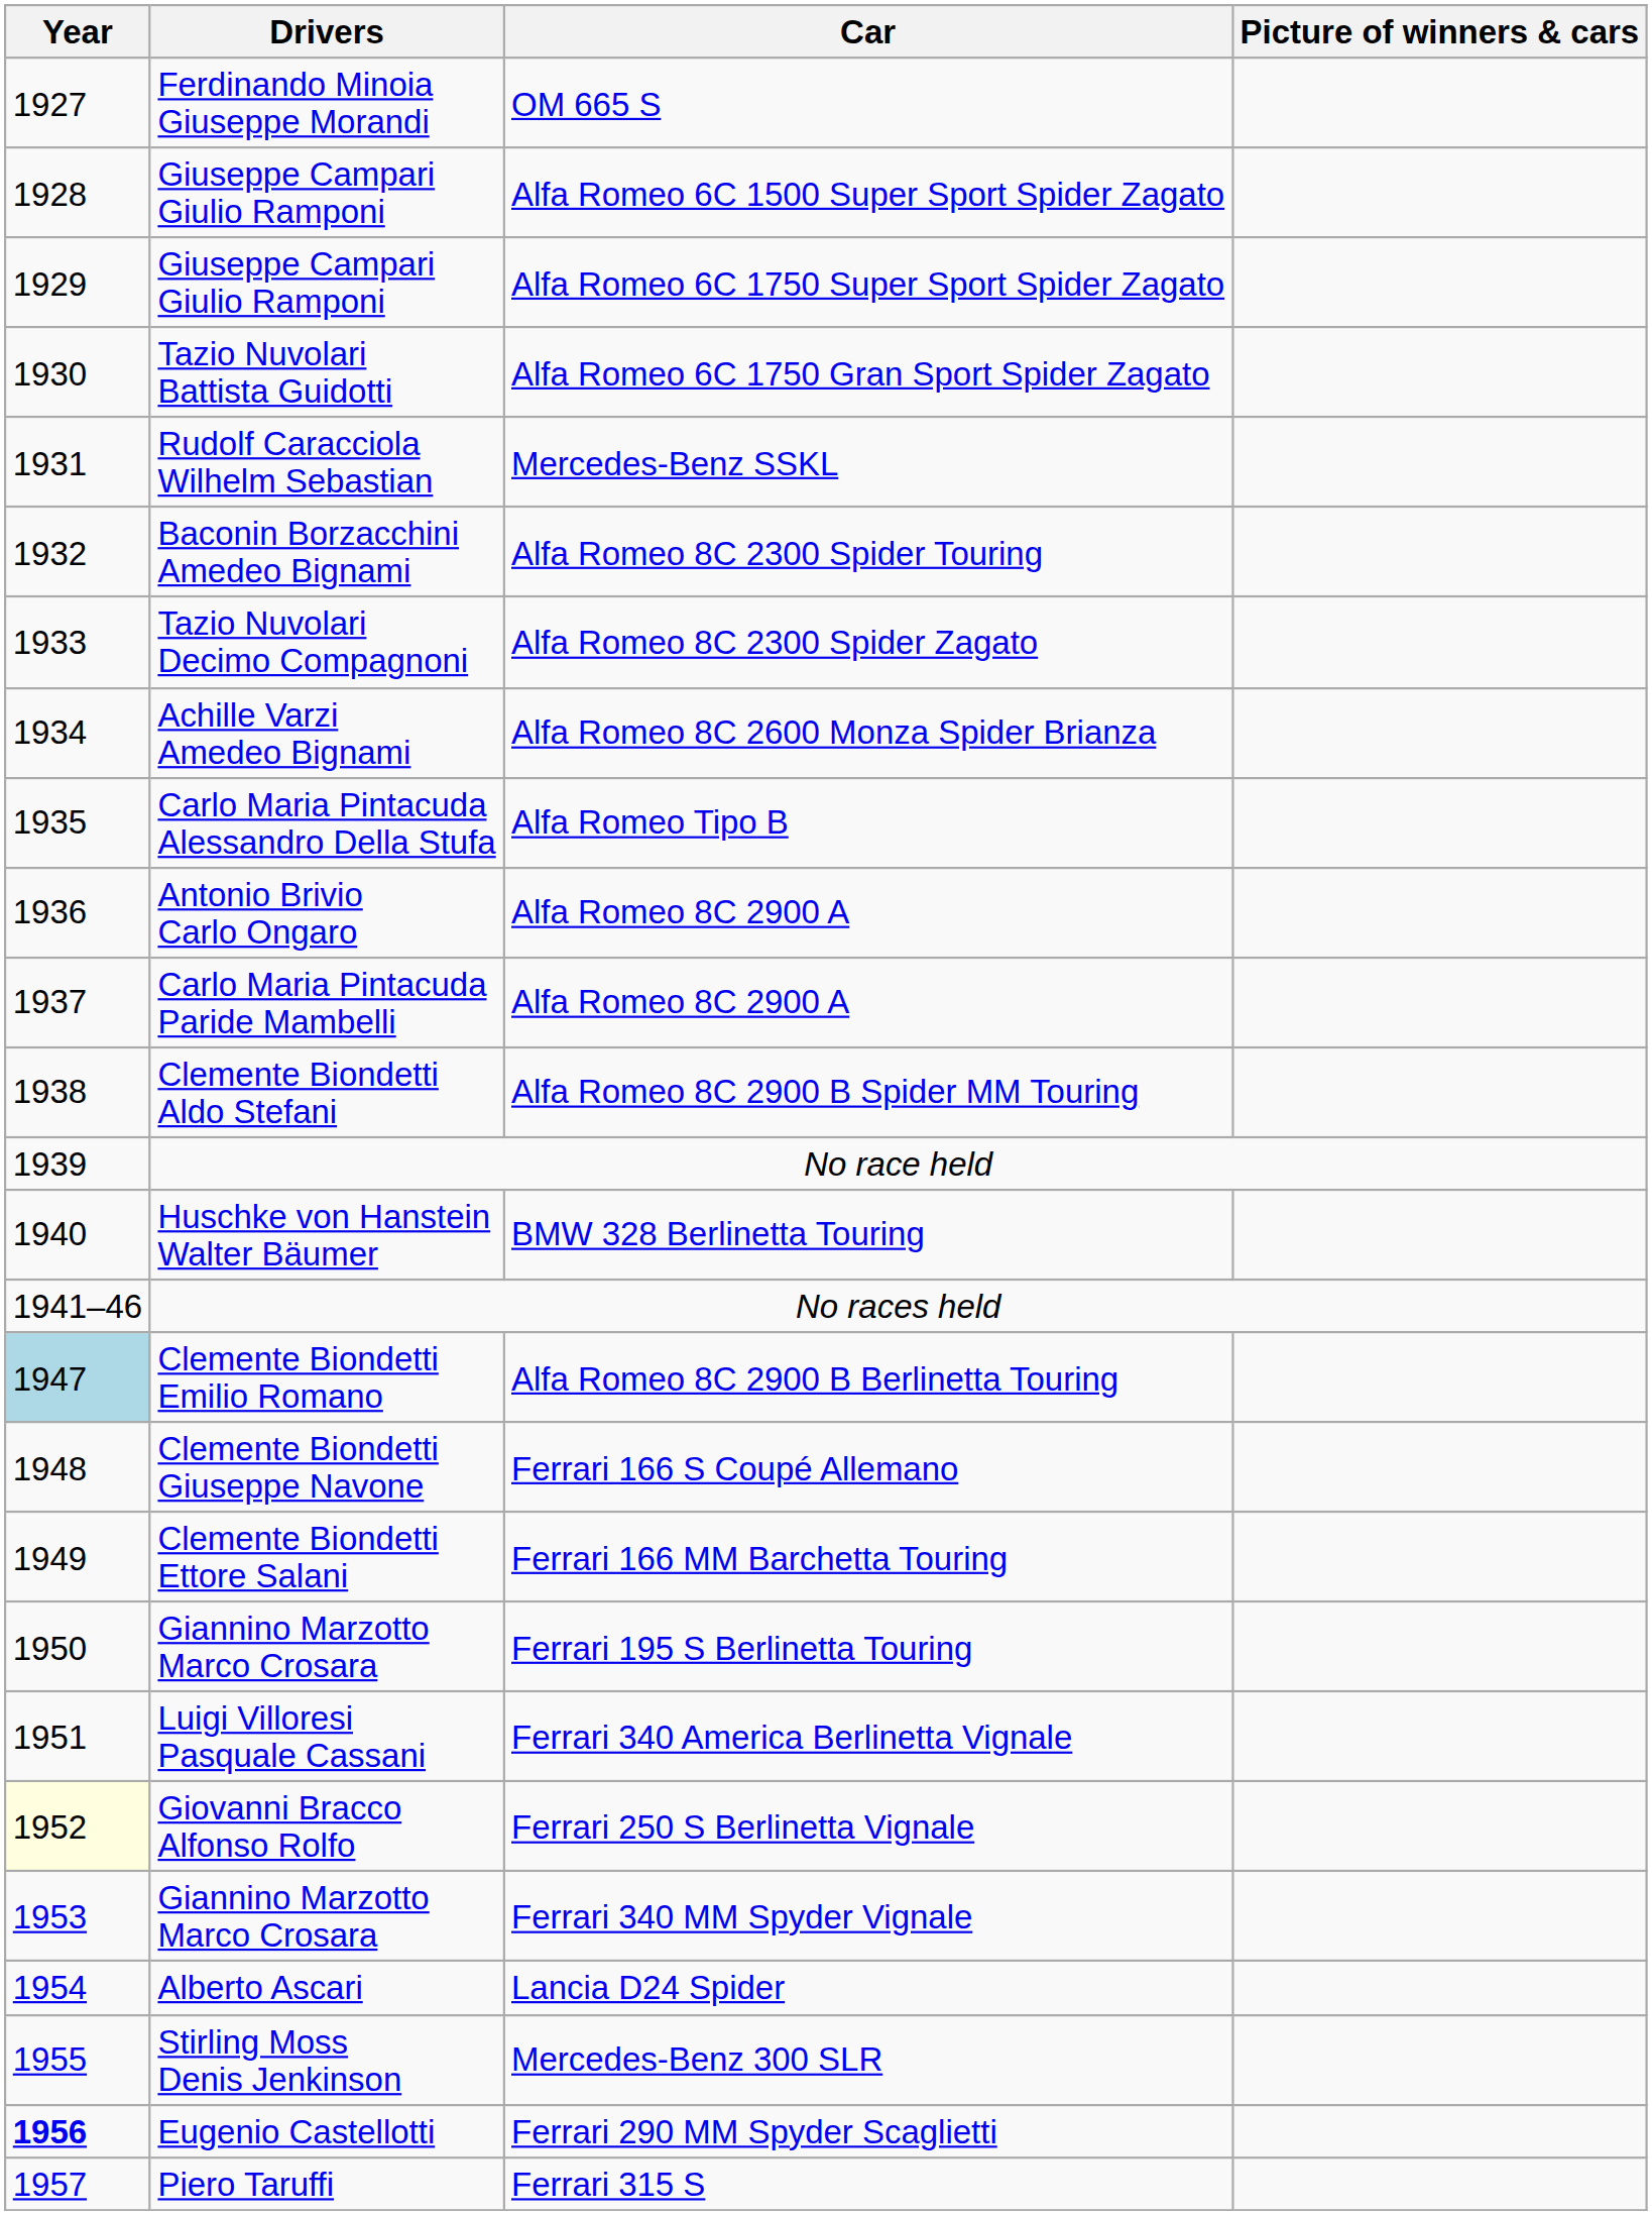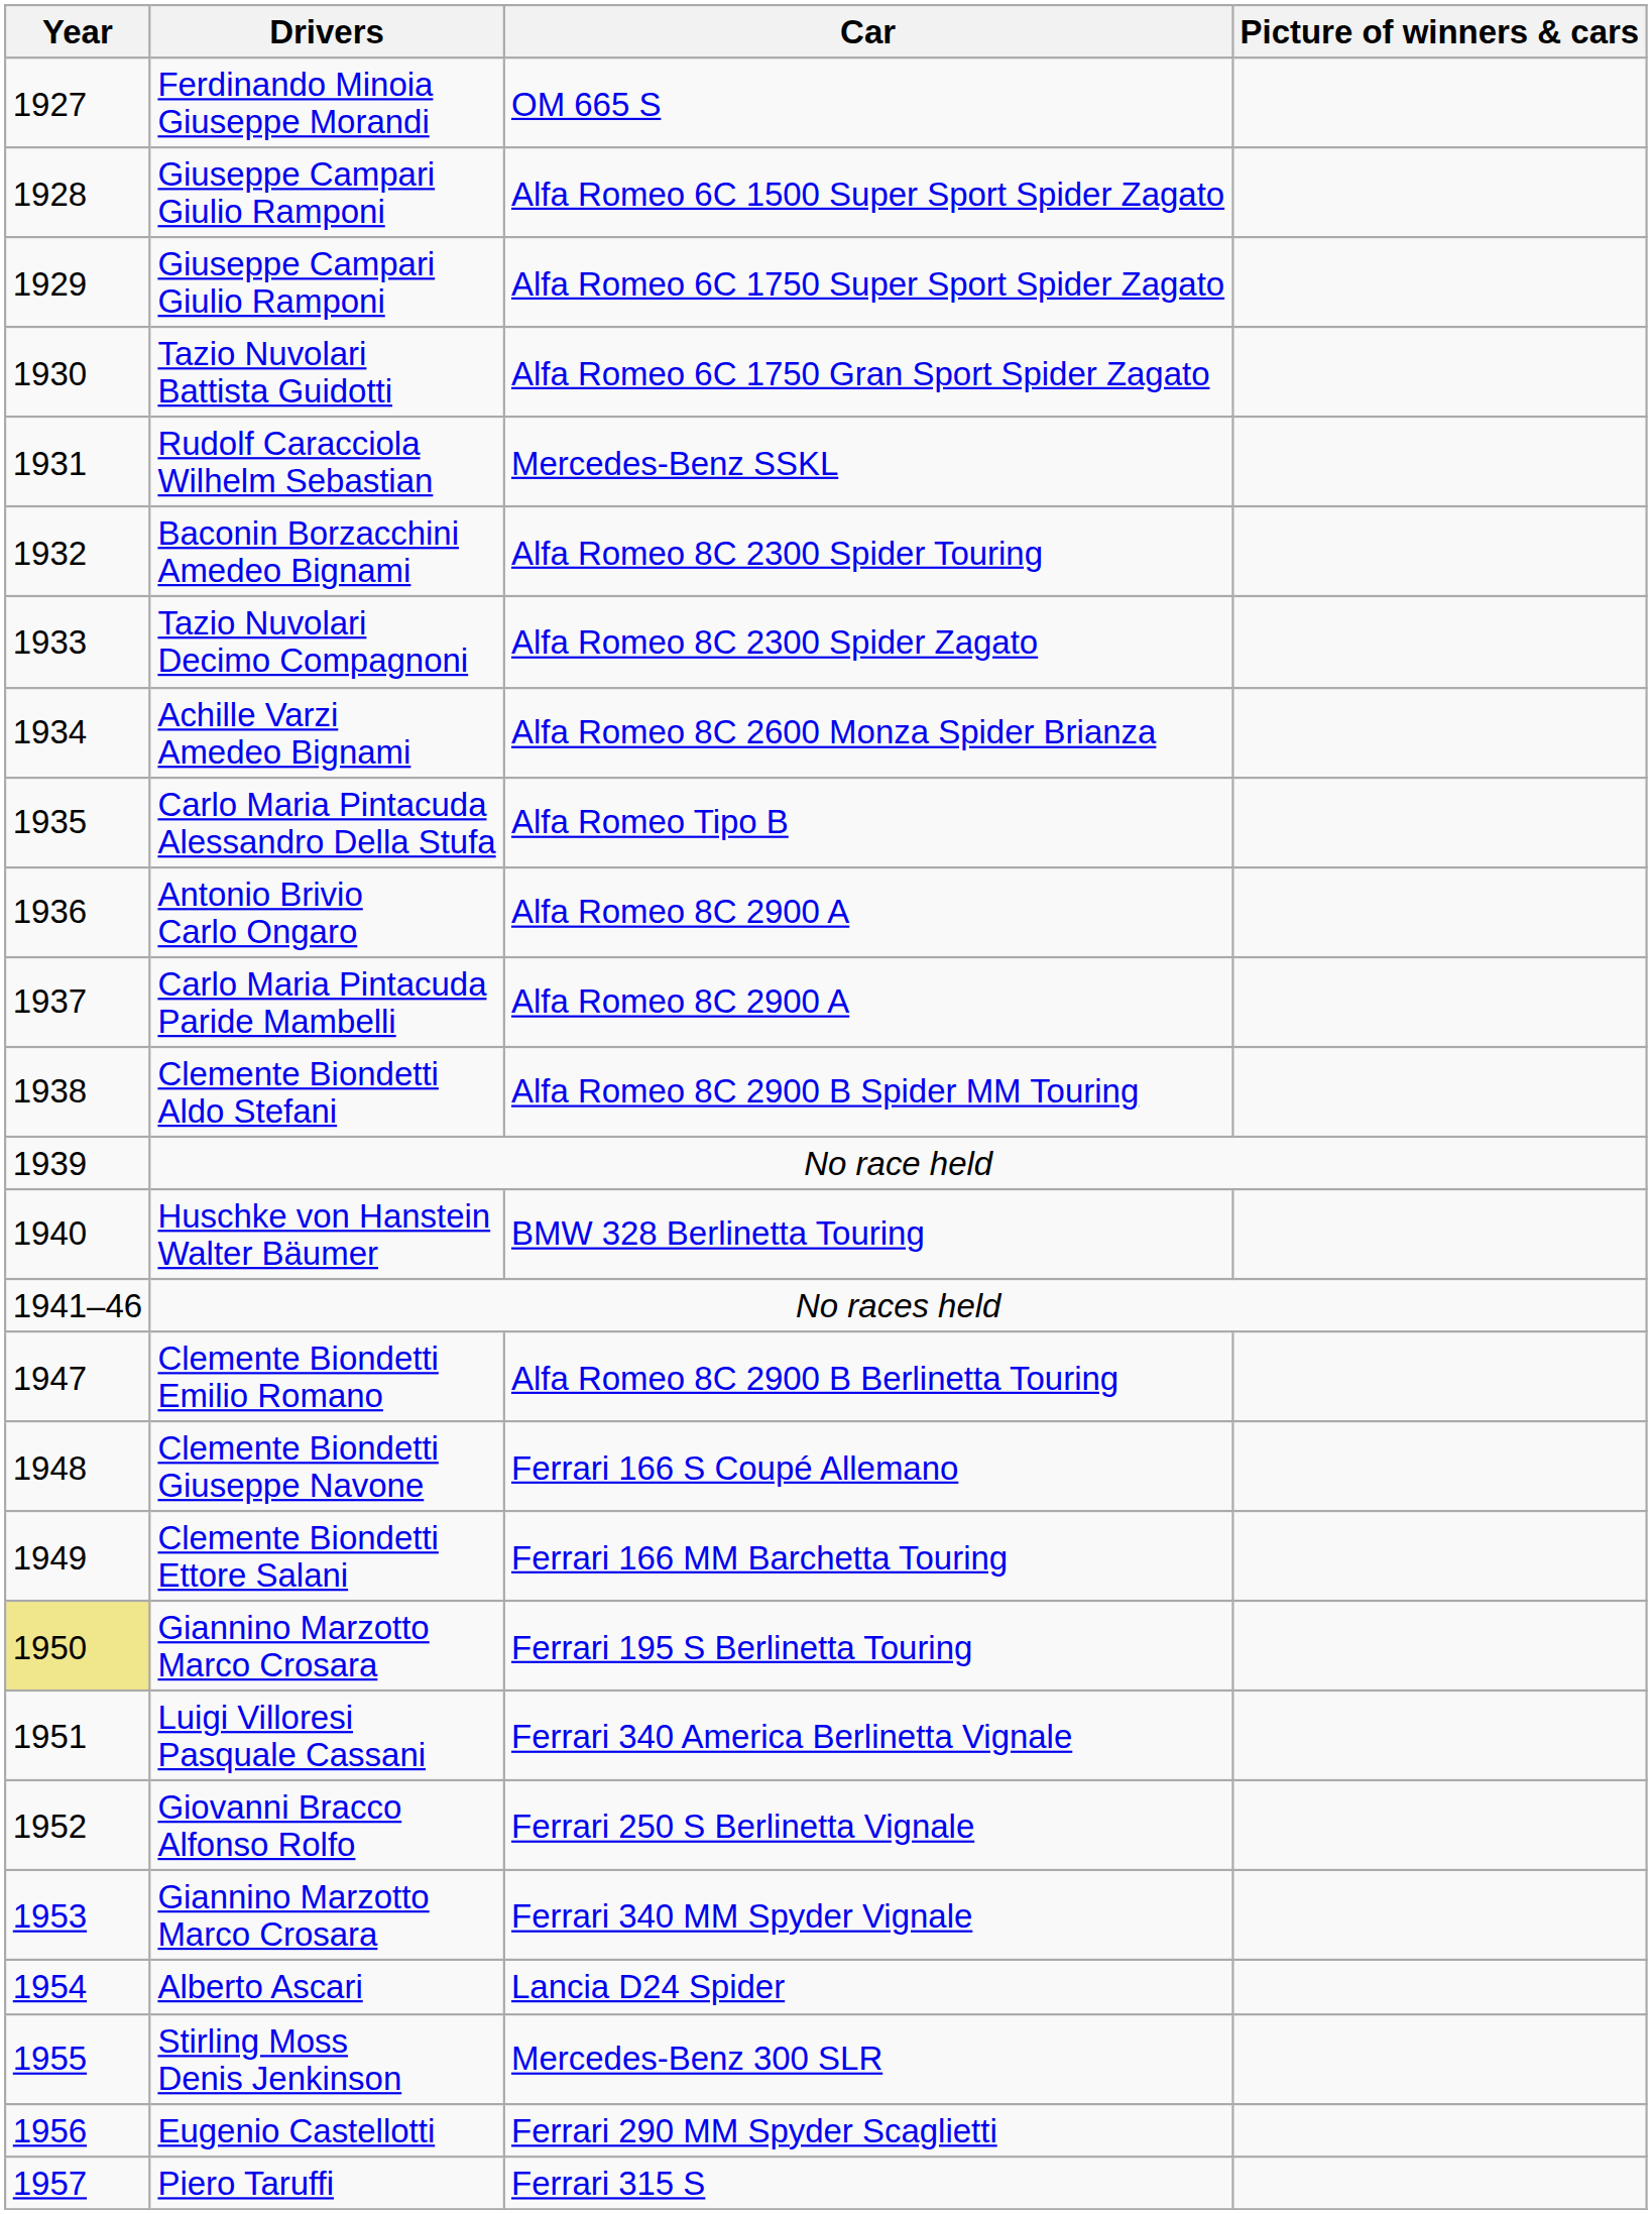 <table class="wikitable" style="font-size:95%">
 <tr>
 <th>Year</th>
 <th>Drivers</th>
 <th>Car</th>
 <th>Picture of winners & cars</th>
 </tr>
 <tr>
 <td>1927</td>
 <td> <a href='#'>Ferdinando Minoia</a> <br>  <a href='#'>Giuseppe Morandi</a></td>
 <td><a href='#'>OM 665 S</a></td>
 <td></td>
 </tr>
 <tr>
 <td>1928</td>
 <td> <a href='#'>Giuseppe Campari</a> <br>  <a href='#'>Giulio Ramponi</a></td>
 <td><a href='#'>Alfa Romeo 6C 1500 Super Sport Spider Zagato</a></td>
 <td></td>
 </tr>
 <tr>
 <td>1929</td>
 <td> <a href='#'>Giuseppe Campari</a> <br>  <a href='#'>Giulio Ramponi</a></td>
 <td><a href='#'>Alfa Romeo 6C 1750 Super Sport Spider Zagato</a></td>
 <td></td>
 </tr>
 <tr>
 <td>1930</td>
 <td> <a href='#'>Tazio Nuvolari</a> <br>  <a href='#'>Battista Guidotti</a></td>
 <td><a href='#'>Alfa Romeo 6C 1750 Gran Sport Spider Zagato</a></td>
 <td> </td>
 </tr>
 <tr>
 <td>1931</td>
 <td> <a href='#'>Rudolf Caracciola</a> <br>  <a href='#'>Wilhelm Sebastian</a></td>
 <td><a href='#'>Mercedes-Benz SSKL</a></td>
 <td></td>
 </tr>
 <tr>
 <td>1932</td>
 <td> <a href='#'>Baconin Borzacchini</a> <br>  <a href='#'>Amedeo Bignami</a></td>
 <td><a href='#'>Alfa Romeo 8C 2300 Spider Touring</a></td>
 <td></td>
 </tr>
 <tr>
 <td>1933</td>
 <td> <a href='#'>Tazio Nuvolari</a> <br>  <a href='#'>Decimo Compagnoni</a></td>
 <td><a href='#'>Alfa Romeo 8C 2300 Spider Zagato</a></td>
 <td></td>
 </tr>
 <tr>
 <td>1934</td>
 <td> <a href='#'>Achille Varzi</a> <br>  <a href='#'>Amedeo Bignami</a></td>
 <td><a href='#'>Alfa Romeo 8C 2600 Monza Spider Brianza</a></td>
 <td></td>
 </tr>
 <tr>
 <td>1935</td>
 <td> <a href='#'>Carlo Maria Pintacuda</a> <br>  <a href='#'>Alessandro Della Stufa</a></td>
 <td><a href='#'>Alfa Romeo Tipo B</a></td>
 <td></td>
 </tr>
 <tr>
 <td>1936</td>
 <td> <a href='#'>Antonio Brivio</a> <br>  <a href='#'>Carlo Ongaro</a></td>
 <td><a href='#'>Alfa Romeo 8C 2900 A</a></td>
 <td></td>
 </tr>
 <tr>
 <td>1937</td>
 <td> <a href='#'>Carlo Maria Pintacuda</a> <br>  <a href='#'>Paride Mambelli</a></td>
 <td><a href='#'>Alfa Romeo 8C 2900 A</a></td>
 <td></td>
 </tr>
 <tr>
 <td>1938</td>
 <td> <a href='#'>Clemente Biondetti</a> <br>  <a href='#'>Aldo Stefani</a></td>
 <td><a href='#'>Alfa Romeo 8C 2900 B Spider MM Touring</a></td>
 <td> </td>
 </tr>
 <tr>
 <td>1939</td>
 <td colspan=4 align=center><em>No race held</em></td>
 </tr>
 <tr>
 <td>1940</td>
 <td> <a href='#'>Huschke von Hanstein</a> <br>  <a href='#'>Walter Bäumer</a></td>
 <td><a href='#'>BMW 328 Berlinetta Touring</a></td>
 <td></td>
 </tr>
 <tr>
 <td>1941–46</td>
 <td colspan=4 align=center><em>No races held </em></td>
 </tr>
 <tr>
-<td style="background: lightblue;">1947</td>
+<td>1947</td>
 <td> <a href='#'>Clemente Biondetti</a> <br>  <a href='#'>Emilio Romano</a></td>
 <td><a href='#'>Alfa Romeo 8C 2900 B Berlinetta Touring</a></td>
 <td></td>
 </tr>
 <tr>
 <td>1948</td>
 <td> <a href='#'>Clemente Biondetti</a> <br>  <a href='#'>Giuseppe Navone</a></td>
 <td><a href='#'>Ferrari 166 S Coupé Allemano</a></td>
 <td></td>
 </tr>
 <tr>
 <td>1949</td>
 <td> <a href='#'>Clemente Biondetti</a> <br>  <a href='#'>Ettore Salani</a></td>
 <td><a href='#'>Ferrari 166 MM Barchetta Touring</a></td>
 <td></td>
 </tr>
 <tr>
-<td>1950</td>
+<td style="background: khaki;">1950</td>
 <td> <a href='#'>Giannino Marzotto</a> <br>  <a href='#'>Marco Crosara</a></td>
 <td><a href='#'>Ferrari 195 S Berlinetta Touring</a></td>
 <td></td>
 </tr>
 <tr>
 <td>1951</td>
 <td> <a href='#'>Luigi Villoresi</a> <br>  <a href='#'>Pasquale Cassani</a></td>
 <td><a href='#'>Ferrari 340 America Berlinetta Vignale</a></td>
 <td></td>
 </tr>
 <tr>
-<td style="background: lightyellow;">1952</td>
+<td>1952</td>
 <td> <a href='#'>Giovanni Bracco</a> <br>  <a href='#'>Alfonso Rolfo</a></td>
 <td><a href='#'>Ferrari 250 S Berlinetta Vignale</a></td>
 <td></td>
 </tr>
 <tr>
 <td><a href='#'>1953</a></td>
 <td> <a href='#'>Giannino Marzotto</a> <br>  <a href='#'>Marco Crosara</a></td>
 <td><a href='#'>Ferrari 340 MM Spyder Vignale</a></td>
 <td></td>
 </tr>
 <tr>
 <td><a href='#'>1954</a></td>
 <td> <a href='#'>Alberto Ascari</a></td>
 <td><a href='#'>Lancia D24 Spider</a></td>
 <td></td>
 </tr>
 <tr>
 <td><a href='#'>1955</a></td>
 <td> <a href='#'>Stirling Moss</a> <br>  <a href='#'>Denis Jenkinson</a></td>
 <td><a href='#'>Mercedes-Benz 300 SLR</a></td>
 <td> </td>
 </tr>
 <tr>
-<td><strong><a href='#'>1956</a></strong></td>
+<td><a href='#'>1956</a></td>
 <td> <a href='#'>Eugenio Castellotti</a></td>
 <td><a href='#'>Ferrari 290 MM Spyder Scaglietti</a></td>
 <td></td>
 </tr>
 <tr>
 <td><a href='#'>1957</a></td>
 <td> <a href='#'>Piero Taruffi</a></td>
 <td><a href='#'>Ferrari 315 S</a></td>
 <td></td>
 </tr>
 </table>
